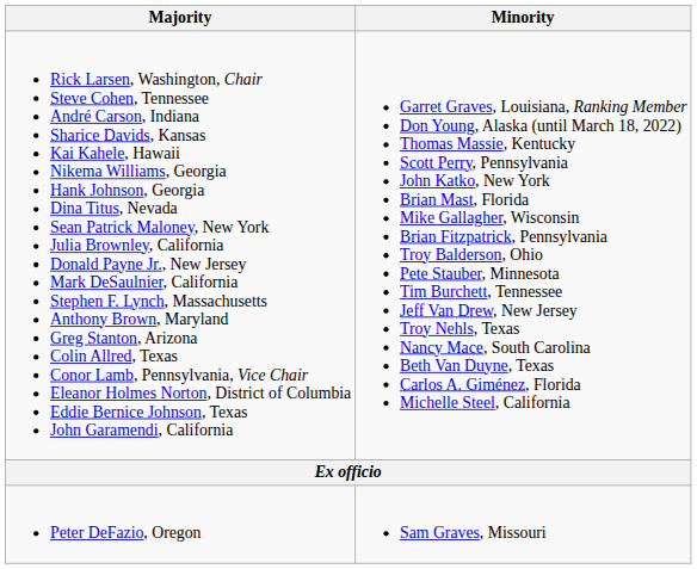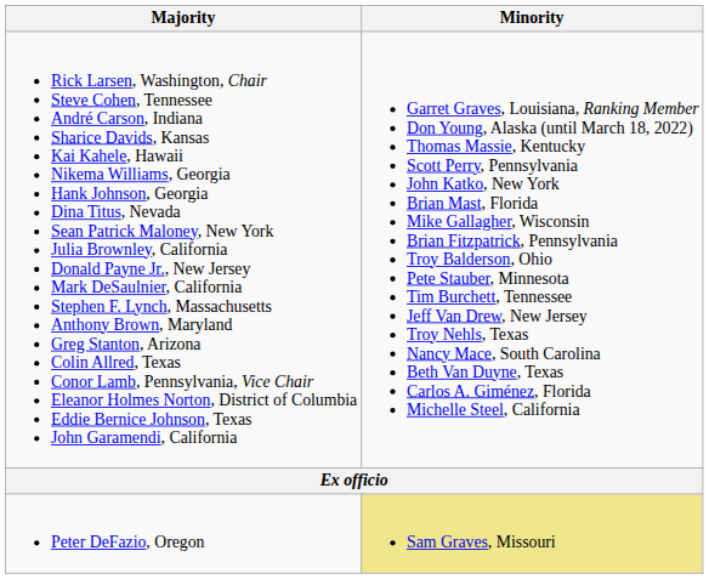 <table class=wikitable>
 <tr>
 <th>Majority</th>
 <th>Minority</th>
 </tr>
 <tr>
 <td><br><ul><li><a href='#'>Rick Larsen</a>, Washington, <em>Chair</em></li><li><a href='#'>Steve Cohen</a>, Tennessee</li><li><a href='#'>André Carson</a>, Indiana</li><li><a href='#'>Sharice Davids</a>, Kansas</li><li><a href='#'>Kai Kahele</a>, Hawaii</li><li><a href='#'>Nikema Williams</a>, Georgia</li><li><a href='#'>Hank Johnson</a>, Georgia</li><li><a href='#'>Dina Titus</a>, Nevada</li><li><a href='#'>Sean Patrick Maloney</a>, New York</li><li><a href='#'>Julia Brownley</a>, California</li><li><a href='#'>Donald Payne Jr.</a>, New Jersey</li><li><a href='#'>Mark DeSaulnier</a>, California</li><li><a href='#'>Stephen F. Lynch</a>, Massachusetts</li><li><a href='#'>Anthony Brown</a>, Maryland</li><li><a href='#'>Greg Stanton</a>, Arizona</li><li><a href='#'>Colin Allred</a>, Texas</li><li><a href='#'>Conor Lamb</a>, Pennsylvania, <em>Vice Chair</em></li><li><a href='#'>Eleanor Holmes Norton</a>, District of Columbia</li><li><a href='#'>Eddie Bernice Johnson</a>, Texas</li><li><a href='#'>John Garamendi</a>, California</li></ul></td>
 <td><br><ul><li><a href='#'>Garret Graves</a>, Louisiana, <em>Ranking Member</em></li><li><a href='#'>Don Young</a>, Alaska (until March 18, 2022)</li><li><a href='#'>Thomas Massie</a>, Kentucky</li><li><a href='#'>Scott Perry</a>, Pennsylvania</li><li><a href='#'>John Katko</a>, New York</li><li><a href='#'>Brian Mast</a>, Florida</li><li><a href='#'>Mike Gallagher</a>, Wisconsin</li><li><a href='#'>Brian Fitzpatrick</a>, Pennsylvania</li><li><a href='#'>Troy Balderson</a>, Ohio</li><li><a href='#'>Pete Stauber</a>, Minnesota</li><li><a href='#'>Tim Burchett</a>, Tennessee</li><li><a href='#'>Jeff Van Drew</a>, New Jersey</li><li><a href='#'>Troy Nehls</a>, Texas</li><li><a href='#'>Nancy Mace</a>, South Carolina</li><li><a href='#'>Beth Van Duyne</a>, Texas</li><li><a href='#'>Carlos A. Giménez</a>, Florida</li><li><a href='#'>Michelle Steel</a>, California</li></ul></td>
 </tr>
 <tr>
 <th colspan=2><em>Ex officio</em></th>
 </tr>
 <tr>
 <td><br><ul><li><a href='#'>Peter DeFazio</a>, Oregon</li></ul></td>
-<td><br><ul><li><a href='#'>Sam Graves</a>, Missouri</li></ul></td>
+<td style="background: khaki;"><br><ul><li><a href='#'>Sam Graves</a>, Missouri</li></ul></td>
 </tr>
 </table>
